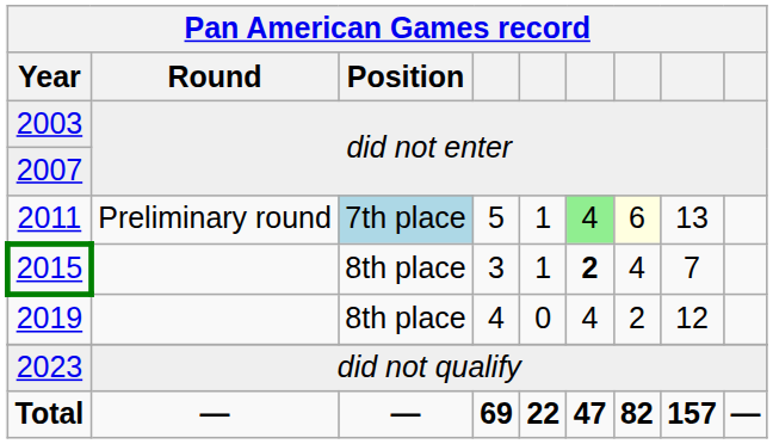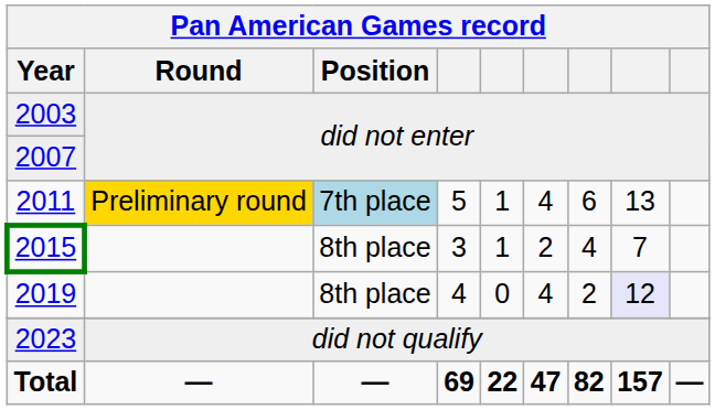 <table class="wikitable" style="text-align: center;">
 <tr>
 <th colspan=9><a href='#'>Pan American Games record</a></th>
 </tr>
 <tr>
 <th>Year</th>
 <th>Round</th>
 <th>Position</th>
 <th></th>
 <th></th>
 <th></th>
 <th></th>
 <th></th>
 <th></th>
 </tr>
 <tr style="background:#efefef">
 <td> <a href='#'>2003</a></td>
 <td colspan=8 rowspan=2 align=center><em>did not enter</em></td>
 </tr>
 <tr style="background:#efefef">
 <td> <a href='#'>2007</a></td>
 </tr>
 <tr>
 <td> <a href='#'>2011</a></td>
-<td>Preliminary round</td>
+<td style="background: gold;">Preliminary round</td>
 <td style="background: lightblue;">7th place</td>
 <td>5</td>
 <td>1</td>
-<td style="background: lightgreen;">4</td>
-<td style="background: lightyellow;">6</td>
+<td>4</td>
+<td>6</td>
 <td>13</td>
 <td></td>
 </tr>
 <tr>
 <td style="border: 3px solid green"> <a href='#'>2015</a></td>
 <td></td>
 <td>8th place</td>
 <td>3</td>
 <td>1</td>
-<td><strong>2</strong></td>
+<td>2</td>
 <td>4</td>
 <td>7</td>
 <td></td>
 </tr>
 <tr>
 <td> <a href='#'>2019</a></td>
 <td></td>
 <td>8th place</td>
 <td>4</td>
 <td>0</td>
 <td>4</td>
 <td>2</td>
-<td>12</td>
+<td style="background: lavender;">12</td>
 <td></td>
 </tr>
 <tr>
 </tr>
 <tr style="background:#efefef">
 <td> <a href='#'>2023</a></td>
 <td colspan=8 rowspan=1 align=center><em>did not qualify</em></td>
 </tr>
 <tr>
 <td colspan=1><strong>Total</strong></td>
 <td><strong>—</strong></td>
 <td><strong>—</strong></td>
 <td><strong>69</strong></td>
 <td><strong>22</strong></td>
 <td><strong>47</strong></td>
 <td><strong>82</strong></td>
 <td><strong>157</strong></td>
 <td><strong>—</strong></td>
 </tr>
 </table>
